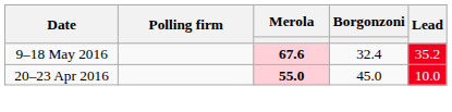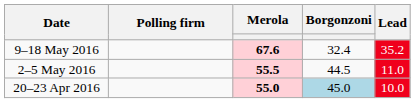 <table class="wikitable collapsible" style="text-align:center;font-size:85%;line-height:13px">
 <tr style="height:30px; background-color:#E9E9E9">
 <th style="width:100px;" rowspan="2">Date</th>
 <th style="width:120px;" rowspan="2">Polling firm</th>
 <th style="width:65px;">Merola</th>
 <th style="width:65px;">Borgonzoni</th>
 <th style="width:25px;" rowspan="2">Lead</th>
 </tr>
 <tr>
 <th style="background:"></th>
 <th style="background:"></th>
 </tr>
 <tr>
 <td>9–18 May 2016</td>
 <td></td>
 <td style="background:#FFD0D7"><strong>67.6</strong></td>
 <td>32.4</td>
 <td style="background:#F0001C; color:white;">35.2</td>
 </tr>
 <tr>
+<td>2–5 May 2016</td>
+<td></td>
+<td style="background:#FFD0D7"><strong>55.5</strong></td>
+<td>44.5</td>
+<td style="background:#F0001C; color:white;">11.0</td>
+</tr>
+<tr>
 <td>20–23 Apr 2016</td>
 <td></td>
 <td style="background:#FFD0D7"><strong>55.0</strong></td>
-<td>45.0</td>
+<td style="background: lightblue;">45.0</td>
 <td style="background:#F0001C; color:white;">10.0</td>
 </tr>
 </table>
